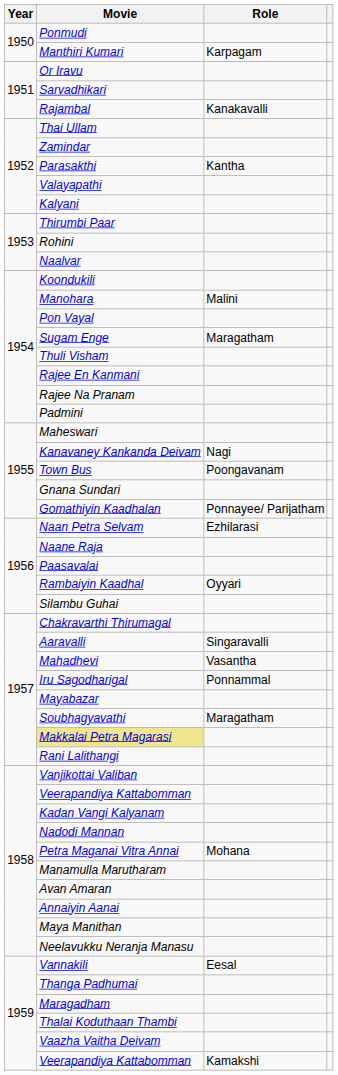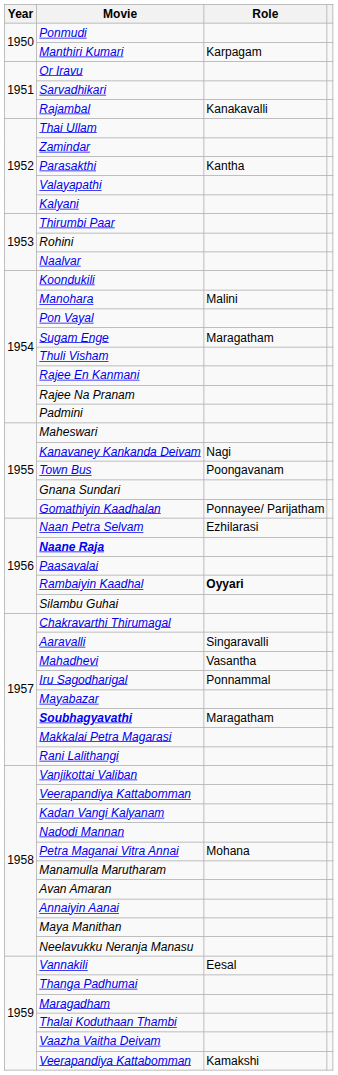 <table class="wikitable">
 <tr>
 <th>Year</th>
 <th>Movie</th>
 <th>Role</th>
 <th class="unsortable"></th>
 </tr>
 <tr>
 <td rowspan="2">1950</td>
 <td><em><a href='#'>Ponmudi</a></em></td>
 <td></td>
 <td></td>
 </tr>
 <tr>
 <td><em><a href='#'>Manthiri Kumari</a></em></td>
 <td>Karpagam</td>
 <td></td>
 </tr>
 <tr>
 <td rowspan="3">1951</td>
 <td><em><a href='#'>Or Iravu</a></em></td>
 <td></td>
 <td></td>
 </tr>
 <tr>
 <td><em><a href='#'>Sarvadhikari</a></em></td>
 <td></td>
 <td></td>
 </tr>
 <tr>
 <td><em><a href='#'>Rajambal</a></em></td>
 <td>Kanakavalli</td>
 <td></td>
 </tr>
 <tr>
 <td rowspan="5">1952</td>
 <td><em><a href='#'>Thai Ullam</a></em></td>
 <td></td>
 <td></td>
 </tr>
 <tr>
 <td><em><a href='#'>Zamindar</a></em></td>
 <td></td>
 <td></td>
 </tr>
 <tr>
 <td><em><a href='#'>Parasakthi</a></em></td>
 <td>Kantha</td>
 <td></td>
 </tr>
 <tr>
 <td><em><a href='#'>Valayapathi</a></em></td>
 <td></td>
 <td></td>
 </tr>
 <tr>
 <td><em><a href='#'>Kalyani</a></em></td>
 <td></td>
 <td></td>
 </tr>
 <tr>
 <td rowspan="3">1953</td>
 <td><em><a href='#'>Thirumbi Paar</a></em></td>
 <td></td>
 <td></td>
 </tr>
 <tr>
 <td><em>Rohini</em></td>
 <td></td>
 <td></td>
 </tr>
 <tr>
 <td><em><a href='#'>Naalvar</a></em></td>
 <td></td>
 <td></td>
 </tr>
 <tr>
 <td rowspan="8">1954</td>
 <td><em><a href='#'>Koondukili</a></em></td>
 <td></td>
 <td></td>
 </tr>
 <tr>
 <td><em><a href='#'>Manohara</a></em></td>
 <td>Malini</td>
 <td></td>
 </tr>
 <tr>
 <td><em><a href='#'>Pon Vayal</a></em></td>
 <td></td>
 <td></td>
 </tr>
 <tr>
 <td><em><a href='#'>Sugam Enge</a></em></td>
 <td>Maragatham</td>
 <td></td>
 </tr>
 <tr>
 <td><em><a href='#'>Thuli Visham</a></em></td>
 <td></td>
 <td></td>
 </tr>
 <tr>
 <td><em><a href='#'>Rajee En Kanmani</a></em></td>
 <td></td>
 <td></td>
 </tr>
 <tr>
 <td><em>Rajee Na Pranam</em></td>
 <td></td>
 <td></td>
 </tr>
 <tr>
 <td><em>Padmini</em></td>
 <td></td>
 <td></td>
 </tr>
 <tr>
 <td rowspan="5">1955</td>
 <td><em>Maheswari</em></td>
 <td></td>
 <td></td>
 </tr>
 <tr>
 <td><em><a href='#'>Kanavaney Kankanda Deivam</a></em></td>
 <td>Nagi</td>
 <td></td>
 </tr>
 <tr>
 <td><em><a href='#'>Town Bus</a></em></td>
 <td>Poongavanam</td>
 <td></td>
 </tr>
 <tr>
 <td><em>Gnana Sundari</em></td>
 <td></td>
 <td></td>
 </tr>
 <tr>
 <td><em><a href='#'>Gomathiyin Kaadhalan</a></em></td>
 <td>Ponnayee/ Parijatham</td>
 <td></td>
 </tr>
 <tr>
 <td rowspan="5">1956</td>
 <td><em><a href='#'>Naan Petra Selvam</a></em></td>
 <td>Ezhilarasi</td>
 <td></td>
 </tr>
 <tr>
-<td><em><a href='#'>Naane Raja</a></em></td>
+<td><strong><em><a href='#'>Naane Raja</a></em></strong></td>
 <td></td>
 <td></td>
 </tr>
 <tr>
 <td><em><a href='#'>Paasavalai</a></em></td>
 <td></td>
 <td></td>
 </tr>
 <tr>
 <td><em><a href='#'>Rambaiyin Kaadhal</a></em></td>
-<td>Oyyari</td>
+<td><strong>Oyyari</strong></td>
 <td></td>
 </tr>
 <tr>
 <td><em>Silambu Guhai</em></td>
 <td></td>
 <td></td>
 </tr>
 <tr>
 <td rowspan="8">1957</td>
 <td><em><a href='#'>Chakravarthi Thirumagal</a></em></td>
 <td></td>
 <td></td>
 </tr>
 <tr>
 <td><em><a href='#'>Aaravalli</a></em></td>
 <td>Singaravalli</td>
 <td></td>
 </tr>
 <tr>
 <td><em><a href='#'>Mahadhevi</a></em></td>
 <td>Vasantha</td>
 <td></td>
 </tr>
 <tr>
 <td><em><a href='#'>Iru Sagodharigal</a></em></td>
 <td>Ponnammal</td>
 <td></td>
 </tr>
 <tr>
 <td><em><a href='#'>Mayabazar</a></em></td>
 <td></td>
 <td></td>
 </tr>
 <tr>
-<td><em><a href='#'>Soubhagyavathi</a></em></td>
+<td><strong><em><a href='#'>Soubhagyavathi</a></em></strong></td>
 <td>Maragatham</td>
 <td></td>
 </tr>
 <tr>
-<td style="background: khaki;"><em><a href='#'>Makkalai Petra Magarasi</a></em></td>
+<td><em><a href='#'>Makkalai Petra Magarasi</a></em></td>
 <td></td>
 <td></td>
 </tr>
 <tr>
 <td><em><a href='#'>Rani Lalithangi</a></em></td>
 <td></td>
 <td></td>
 </tr>
 <tr>
 <td rowspan="10">1958</td>
 <td><em><a href='#'>Vanjikottai Valiban</a></em></td>
 <td></td>
 <td></td>
 </tr>
 <tr>
 <td><em><a href='#'>Veerapandiya Kattabomman</a></em></td>
 <td></td>
 <td></td>
 </tr>
 <tr>
 <td><em><a href='#'>Kadan Vangi Kalyanam</a></em></td>
 <td></td>
 <td></td>
 </tr>
 <tr>
 <td><em><a href='#'>Nadodi Mannan</a></em></td>
 <td></td>
 <td></td>
 </tr>
 <tr>
 <td><em><a href='#'>Petra Maganai Vitra Annai</a></em></td>
 <td>Mohana</td>
 <td></td>
 </tr>
 <tr>
 <td><em>Manamulla Marutharam</em></td>
 <td></td>
 <td></td>
 </tr>
 <tr>
 <td><em>Avan Amaran</em></td>
 <td></td>
 <td></td>
 </tr>
 <tr>
 <td><em><a href='#'>Annaiyin Aanai</a></em></td>
 <td></td>
 <td></td>
 </tr>
 <tr>
 <td><em>Maya Manithan</em></td>
 <td></td>
 <td></td>
 </tr>
 <tr>
 <td><em>Neelavukku Neranja Manasu</em></td>
 <td></td>
 <td></td>
 </tr>
 <tr>
 <td rowspan="6">1959</td>
 <td><em><a href='#'>Vannakili</a></em></td>
 <td>Eesal</td>
 <td></td>
 </tr>
 <tr>
 <td><em><a href='#'>Thanga Padhumai</a></em></td>
 <td></td>
 <td></td>
 </tr>
 <tr>
 <td><em><a href='#'>Maragadham</a></em></td>
 <td></td>
 <td></td>
 </tr>
 <tr>
 <td><em><a href='#'>Thalai Koduthaan Thambi</a></em></td>
 <td></td>
 <td></td>
 </tr>
 <tr>
 <td><em><a href='#'>Vaazha Vaitha Deivam</a></em></td>
 <td></td>
 <td></td>
 </tr>
 <tr>
 <td><em><a href='#'>Veerapandiya Kattabomman</a></em></td>
 <td>Kamakshi</td>
 <td></td>
 </tr>
 </table>
